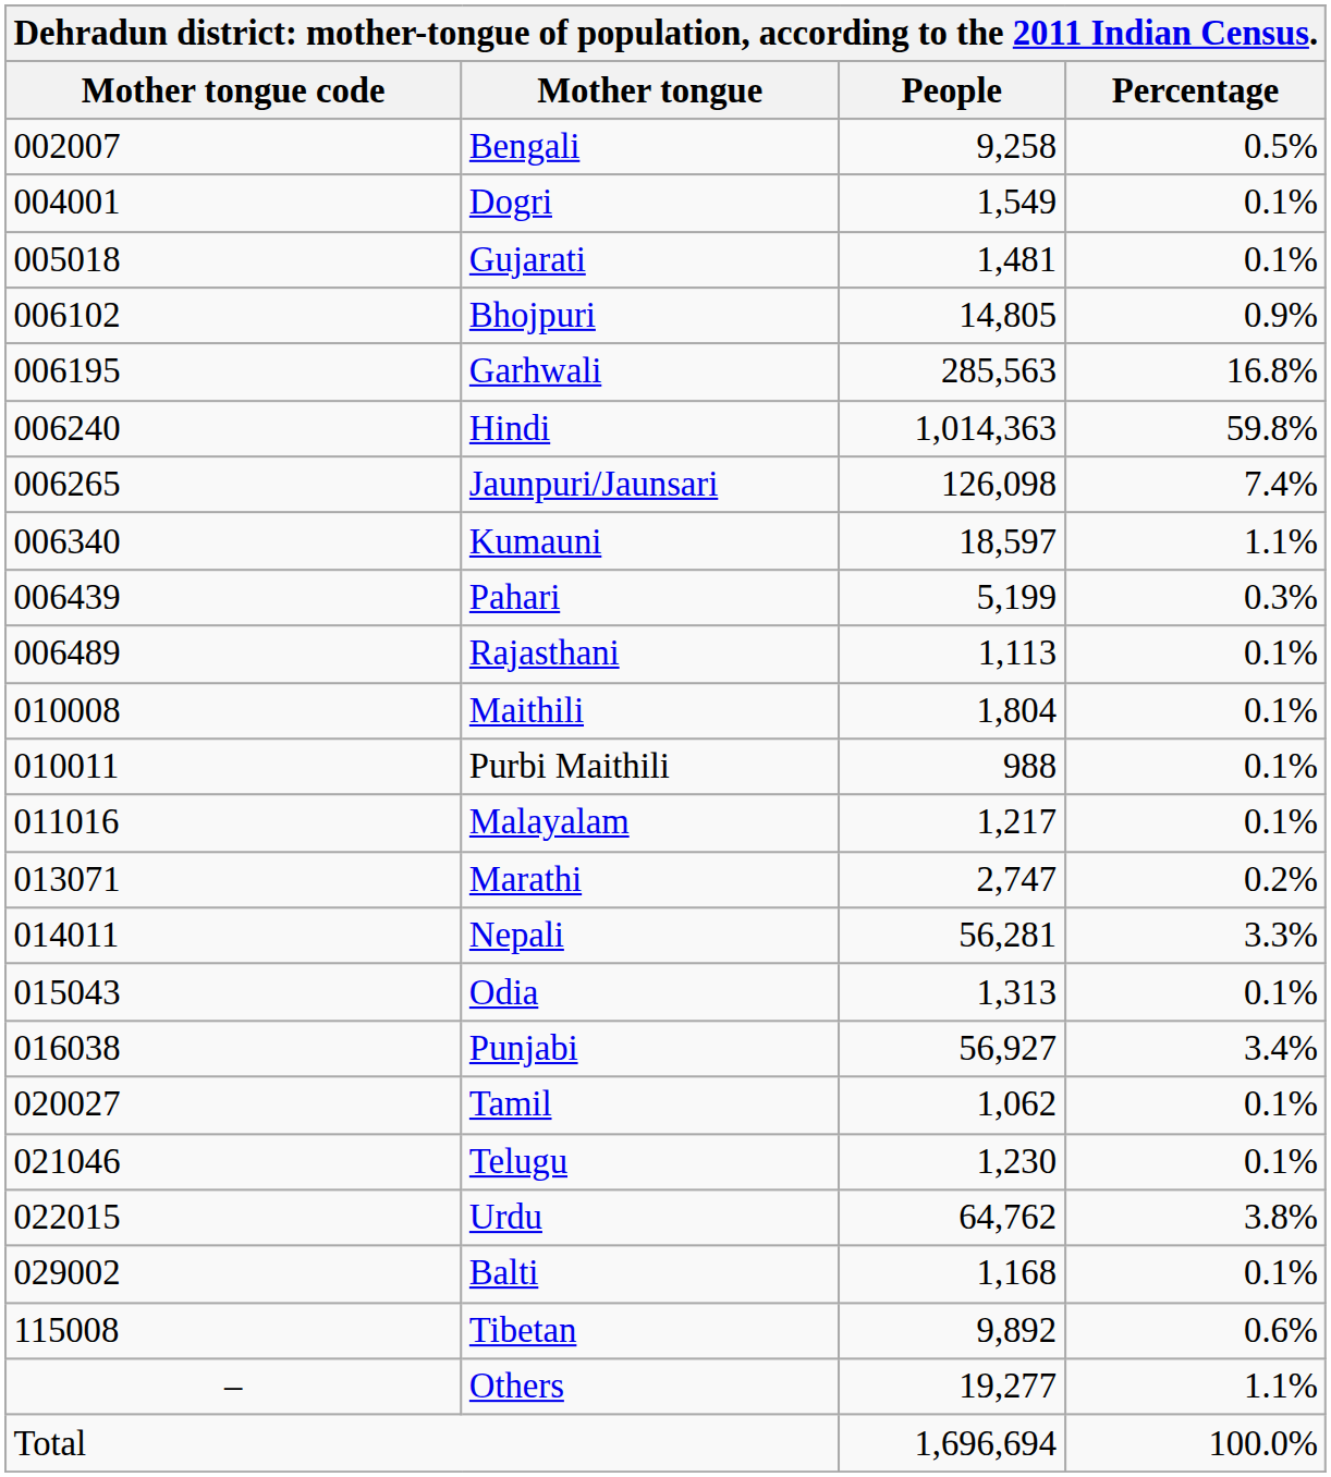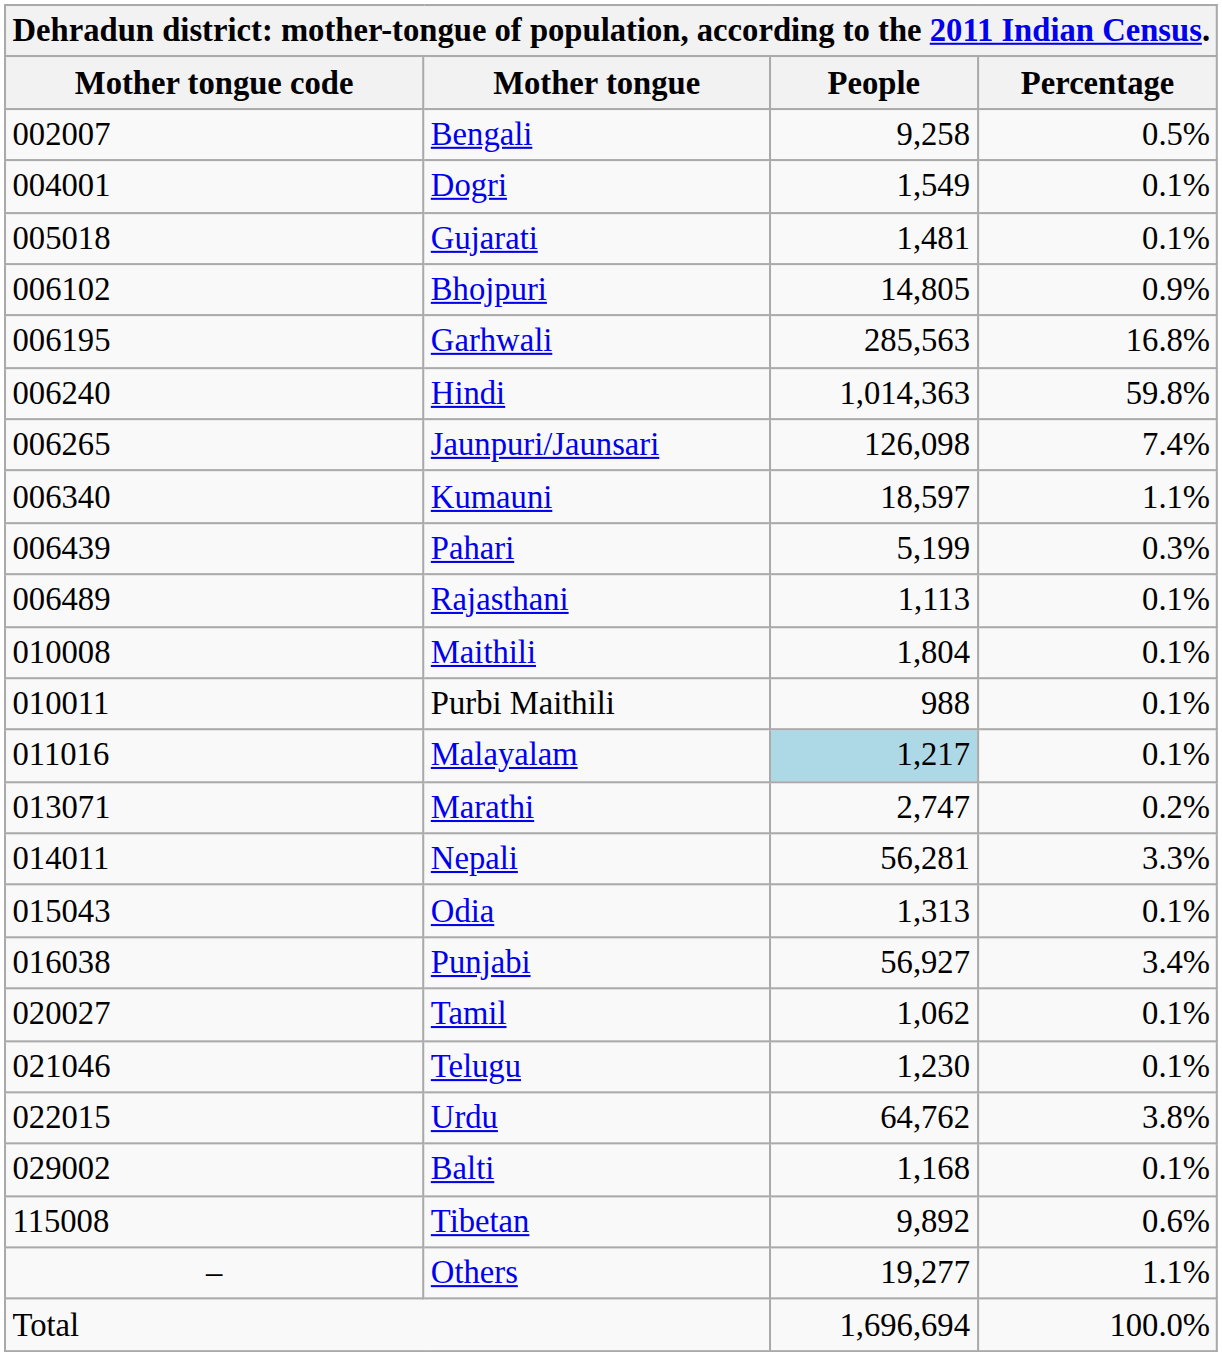 <table class="wikitable sortable mw-collapsible mw-collapsed">
 <tr valign=top>
 <th colspan=4>Dehradun district: mother-tongue of population, according to the <a href='#'>2011 Indian Census</a>.</th>
 </tr>
 <tr valign=top>
 <th>Mother tongue code</th>
 <th>Mother tongue</th>
 <th>People</th>
 <th>Percentage</th>
 </tr>
 <tr valign=top>
 <td>002007</td>
 <td><a href='#'>Bengali</a></td>
 <td align=right>9,258</td>
 <td align=right>0.5%</td>
 </tr>
 <tr valign=top>
 <td>004001</td>
 <td><a href='#'>Dogri</a></td>
 <td align=right>1,549</td>
 <td align=right>0.1%</td>
 </tr>
 <tr valign=top>
 <td>005018</td>
 <td><a href='#'>Gujarati</a></td>
 <td align=right>1,481</td>
 <td align=right>0.1%</td>
 </tr>
 <tr valign=top>
 <td>006102</td>
 <td><a href='#'>Bhojpuri</a></td>
 <td align=right>14,805</td>
 <td align=right>0.9%</td>
 </tr>
 <tr valign=top>
 <td>006195</td>
 <td><a href='#'>Garhwali</a></td>
 <td align=right>285,563</td>
 <td align=right>16.8%</td>
 </tr>
 <tr valign=top>
 <td>006240</td>
 <td><a href='#'>Hindi</a></td>
 <td align=right>1,014,363</td>
 <td align=right>59.8%</td>
 </tr>
 <tr valign=top>
 <td>006265</td>
 <td><a href='#'>Jaunpuri/Jaunsari</a></td>
 <td align=right>126,098</td>
 <td align=right>7.4%</td>
 </tr>
 <tr valign=top>
 <td>006340</td>
 <td><a href='#'>Kumauni</a></td>
 <td align=right>18,597</td>
 <td align=right>1.1%</td>
 </tr>
 <tr valign=top>
 <td>006439</td>
 <td><a href='#'>Pahari</a></td>
 <td align=right>5,199</td>
 <td align=right>0.3%</td>
 </tr>
 <tr valign=top>
 <td>006489</td>
 <td><a href='#'>Rajasthani</a></td>
 <td align=right>1,113</td>
 <td align=right>0.1%</td>
 </tr>
 <tr valign=top>
 <td>010008</td>
 <td><a href='#'>Maithili</a></td>
 <td align=right>1,804</td>
 <td align=right>0.1%</td>
 </tr>
 <tr valign=top>
 <td>010011</td>
 <td>Purbi Maithili</td>
 <td align=right>988</td>
 <td align=right>0.1%</td>
 </tr>
 <tr valign=top>
 <td>011016</td>
 <td><a href='#'>Malayalam</a></td>
-<td align=right>1,217</td>
+<td align=right style="background: lightblue;">1,217</td>
 <td align=right>0.1%</td>
 </tr>
 <tr valign=top>
 <td>013071</td>
 <td><a href='#'>Marathi</a></td>
 <td align=right>2,747</td>
 <td align=right>0.2%</td>
 </tr>
 <tr valign=top>
 <td>014011</td>
 <td><a href='#'>Nepali</a></td>
 <td align=right>56,281</td>
 <td align=right>3.3%</td>
 </tr>
 <tr valign=top>
 <td>015043</td>
 <td><a href='#'>Odia</a></td>
 <td align=right>1,313</td>
 <td align=right>0.1%</td>
 </tr>
 <tr valign=top>
 <td>016038</td>
 <td><a href='#'>Punjabi</a></td>
 <td align=right>56,927</td>
 <td align=right>3.4%</td>
 </tr>
 <tr valign=top>
 <td>020027</td>
 <td><a href='#'>Tamil</a></td>
 <td align=right>1,062</td>
 <td align=right>0.1%</td>
 </tr>
 <tr valign=top>
 <td>021046</td>
 <td><a href='#'>Telugu</a></td>
 <td align=right>1,230</td>
 <td align=right>0.1%</td>
 </tr>
 <tr valign=top>
 <td>022015</td>
 <td><a href='#'>Urdu</a></td>
 <td align=right>64,762</td>
 <td align=right>3.8%</td>
 </tr>
 <tr valign=top>
 <td>029002</td>
 <td><a href='#'>Balti</a></td>
 <td align=right>1,168</td>
 <td align=right>0.1%</td>
 </tr>
 <tr valign=top>
 <td>115008</td>
 <td><a href='#'>Tibetan</a></td>
 <td align=right>9,892</td>
 <td align=right>0.6%</td>
 </tr>
 <tr valign=top>
 <td align=center>–</td>
 <td><a href='#'>Others</a></td>
 <td align=right>19,277</td>
 <td align=right>1.1%</td>
 </tr>
 <tr valign=top class=sortbottom>
 <td colspan=2>Total</td>
 <td align=right>1,696,694</td>
 <td align=right>100.0%</td>
 </tr>
 <tr>
 </tr>
 </table>
